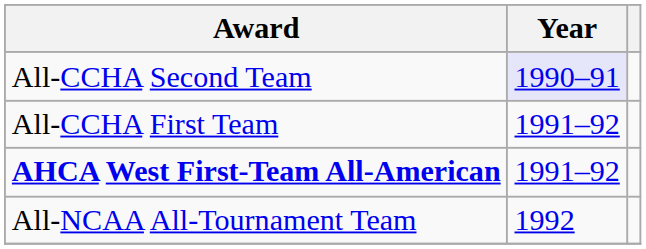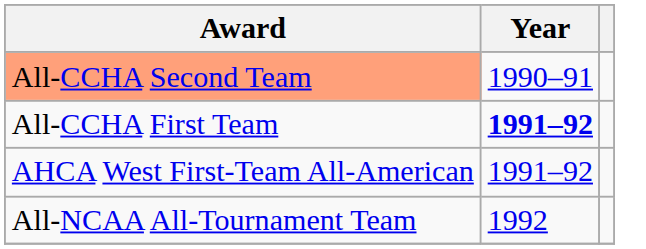 <table class="wikitable">
 <tr>
 <th>Award</th>
 <th>Year</th>
 <th></th>
 </tr>
 <tr>
-<td>All-<a href='#'>CCHA</a> <a href='#'>Second Team</a></td>
-<td style="background: lavender;"><a href='#'>1990–91</a></td>
+<td style="background: lightsalmon;">All-<a href='#'>CCHA</a> <a href='#'>Second Team</a></td>
+<td><a href='#'>1990–91</a></td>
 <td></td>
 </tr>
 <tr>
 <td>All-<a href='#'>CCHA</a> <a href='#'>First Team</a></td>
-<td><a href='#'>1991–92</a></td>
+<td><strong><a href='#'>1991–92</a></strong></td>
 <td></td>
 </tr>
 <tr>
-<td><strong><a href='#'>AHCA</a> <a href='#'>West First-Team All-American</a></strong></td>
+<td><a href='#'>AHCA</a> <a href='#'>West First-Team All-American</a></td>
 <td><a href='#'>1991–92</a></td>
 <td></td>
 </tr>
 <tr>
 <td>All-<a href='#'>NCAA</a> <a href='#'>All-Tournament Team</a></td>
 <td><a href='#'>1992</a></td>
 <td></td>
 </tr>
 <tr>
 </tr>
 </table>
